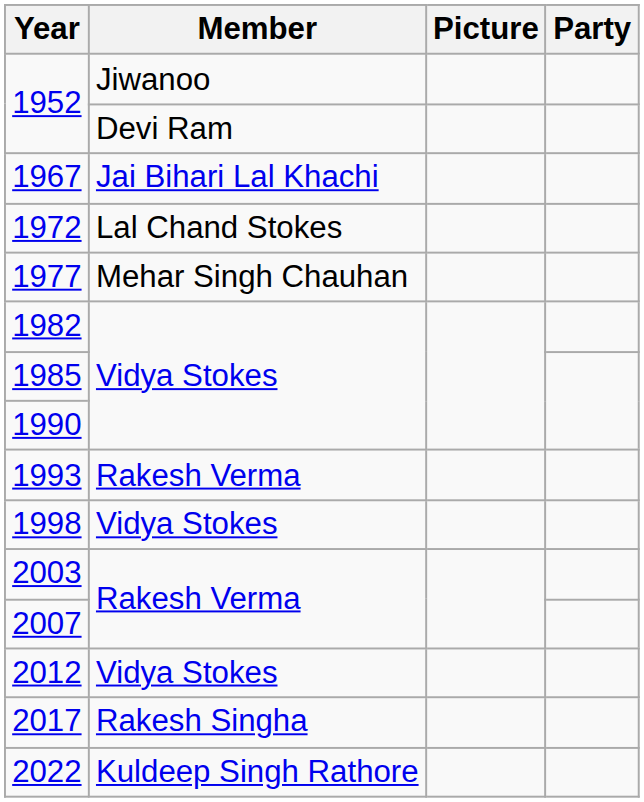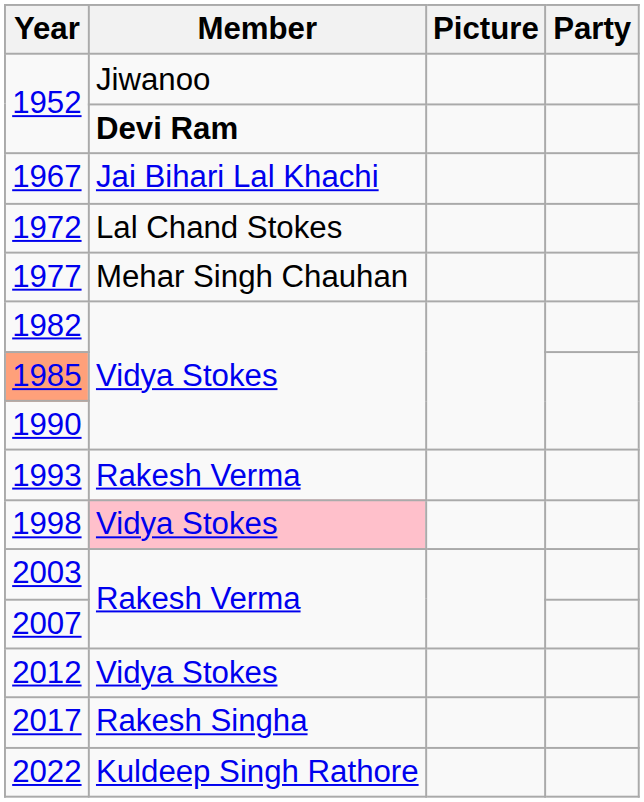 <table class="wikitable sortable">
 <tr>
 <th>Year</th>
 <th>Member</th>
 <th>Picture</th>
 <th colspan="2">Party</th>
 </tr>
 <tr>
 <td rowspan=2><a href='#'>1952</a></td>
 <td>Jiwanoo</td>
 <td></td>
 <td></td>
 </tr>
 <tr>
-<td>Devi Ram</td>
+<td><strong>Devi Ram</strong></td>
 <td></td>
 <td></td>
 </tr>
 <tr>
 <td><a href='#'>1967</a></td>
 <td><a href='#'>Jai Bihari Lal Khachi</a></td>
 <td></td>
 <td></td>
 </tr>
 <tr>
 <td><a href='#'>1972</a></td>
 <td>Lal Chand Stokes</td>
 <td></td>
 <td></td>
 </tr>
 <tr>
 <td><a href='#'>1977</a></td>
 <td>Mehar Singh Chauhan</td>
 <td></td>
 <td></td>
 </tr>
 <tr>
 <td><a href='#'>1982</a></td>
 <td rowspan="3"><a href='#'>Vidya Stokes</a></td>
 <td rowspan="3"></td>
 <td></td>
 </tr>
 <tr>
-<td><a href='#'>1985</a></td>
+<td style="background: lightsalmon;"><a href='#'>1985</a></td>
 </tr>
 <tr>
 <td><a href='#'>1990</a></td>
 </tr>
 <tr>
 <td><a href='#'>1993</a></td>
 <td><a href='#'>Rakesh Verma</a></td>
 <td></td>
 <td></td>
 </tr>
 <tr>
 <td><a href='#'>1998</a></td>
-<td><a href='#'>Vidya Stokes</a></td>
+<td style="background: pink;"><a href='#'>Vidya Stokes</a></td>
 <td></td>
 <td></td>
 </tr>
 <tr>
 <td><a href='#'>2003</a></td>
 <td rowspan="2"><a href='#'>Rakesh Verma</a></td>
 <td rowspan="2"></td>
 <td></td>
 </tr>
 <tr>
 <td><a href='#'>2007</a></td>
 </tr>
 <tr>
 <td><a href='#'>2012</a></td>
 <td><a href='#'>Vidya Stokes</a></td>
 <td></td>
 <td></td>
 </tr>
 <tr>
 <td><a href='#'>2017</a></td>
 <td><a href='#'>Rakesh Singha</a></td>
 <td></td>
 <td></td>
 </tr>
 <tr>
 <td><a href='#'>2022</a></td>
 <td><a href='#'>Kuldeep Singh Rathore</a></td>
 <td></td>
 <td></td>
 </tr>
 </table>
